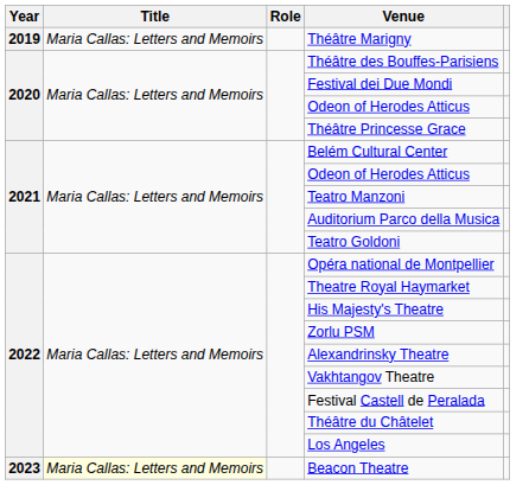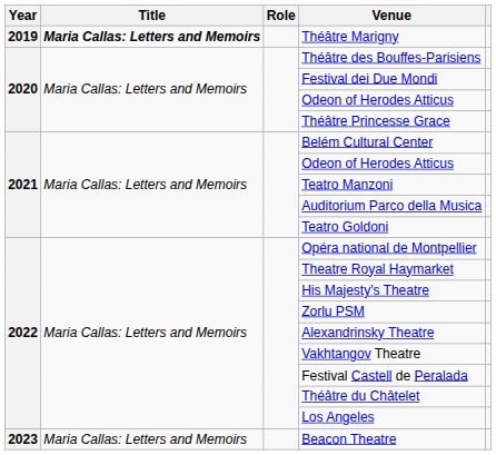 <table class="wikitable plainrowheaders sortable">
 <tr>
 <th scope="col">Year</th>
 <th scope="col">Title</th>
 <th scope="col">Role</th>
 <th scope="col">Venue</th>
 <th scope="col" class="unsortable"></th>
 </tr>
 <tr>
 <th scope="row">2019</th>
-<td><em>Maria Callas: Letters and Memoirs</em></td>
+<td><strong><em>Maria Callas: Letters and Memoirs</em></strong></td>
 <td></td>
 <td><a href='#'>Théâtre Marigny</a></td>
 <td style="text-align:center;"></td>
 </tr>
 <tr>
 <th scope="row" rowspan="4">2020</th>
 <td rowspan="4"><em>Maria Callas: Letters and Memoirs</em></td>
 <td rowspan="4"></td>
 <td><a href='#'>Théâtre des Bouffes-Parisiens</a></td>
 <td style="text-align:center;"></td>
 </tr>
 <tr>
 <td><a href='#'>Festival dei Due Mondi</a></td>
 <td style="text-align:center;"></td>
 </tr>
 <tr>
 <td><a href='#'>Odeon of Herodes Atticus</a></td>
 <td style="text-align:center;"></td>
 </tr>
 <tr>
 <td><a href='#'>Théâtre Princesse Grace</a></td>
 <td style="text-align:center;"></td>
 </tr>
 <tr>
 <th scope="row" rowspan="5">2021</th>
 <td rowspan="5"><em>Maria Callas: Letters and Memoirs</em></td>
 <td rowspan="5"></td>
 <td><a href='#'>Belém Cultural Center</a></td>
 <td style="text-align:center;"></td>
 </tr>
 <tr>
 <td><a href='#'>Odeon of Herodes Atticus</a></td>
 <td style="text-align:center;"></td>
 </tr>
 <tr>
 <td><a href='#'>Teatro Manzoni</a></td>
 <td style="text-align:center;"></td>
 </tr>
 <tr>
 <td><a href='#'>Auditorium Parco della Musica</a></td>
 <td style="text-align:center;"></td>
 </tr>
 <tr>
 <td><a href='#'>Teatro Goldoni</a></td>
 <td style="text-align:center;"></td>
 </tr>
 <tr>
 <th scope="row" rowspan="9">2022</th>
 <td rowspan="9"><em>Maria Callas: Letters and Memoirs</em></td>
 <td rowspan="9"></td>
 <td><a href='#'>Opéra national de Montpellier</a></td>
 <td style="text-align:center;"></td>
 </tr>
 <tr>
 <td><a href='#'>Theatre Royal Haymarket</a></td>
 <td style="text-align:center;"></td>
 </tr>
 <tr>
 <td><a href='#'>His Majesty's Theatre</a></td>
 <td style="text-align:center;"></td>
 </tr>
 <tr>
 <td><a href='#'>Zorlu PSM</a></td>
 <td style="text-align:center;"></td>
 </tr>
 <tr>
 <td><a href='#'>Alexandrinsky Theatre</a></td>
 <td style="text-align:center;"></td>
 </tr>
 <tr>
 <td><a href='#'>Vakhtangov</a> Theatre</td>
 <td style="text-align:center;"></td>
 </tr>
 <tr>
 <td>Festival <a href='#'>Castell</a> de <a href='#'>Peralada</a></td>
 <td style="text-align:center;"></td>
 </tr>
 <tr>
 <td><a href='#'>Théâtre du Châtelet</a></td>
 <td style="text-align:center;"></td>
 </tr>
 <tr>
 <td><a href='#'>Los Angeles</a></td>
 <td style="text-align:center;"></td>
 </tr>
 <tr>
 <th scope="row">2023</th>
-<td style="background: lightyellow;"><em>Maria Callas: Letters and Memoirs</em></td>
+<td><em>Maria Callas: Letters and Memoirs</em></td>
 <td></td>
 <td><a href='#'>Beacon Theatre</a></td>
 <td style="text-align:center;"></td>
 </tr>
 </table>
